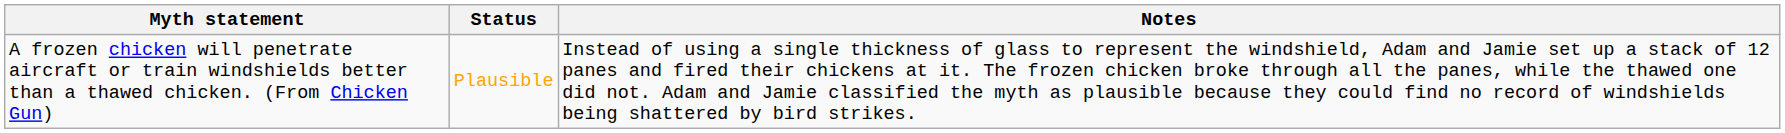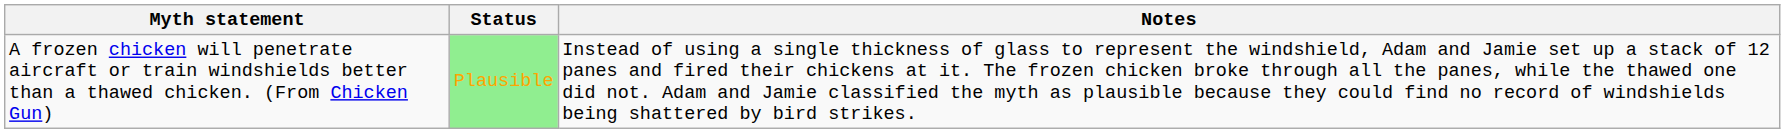 <table class="wikitable plainrowheaders">
 <tr>
 <th>Myth statement</th>
 <th>Status</th>
 <th>Notes</th>
 </tr>
 <tr>
 <td>A frozen <a href='#'>chicken</a> will penetrate aircraft or train windshields better than a thawed chicken. (From <a href='#'>Chicken Gun</a>)</td>
-<td style="color:orange">Plausible</td>
+<td style="background: lightgreen; color:orange">Plausible</td>
 <td>Instead of using a single thickness of glass to represent the windshield, Adam and Jamie set up a stack of 12 panes and fired their chickens at it. The frozen chicken broke through all the panes, while the thawed one did not. Adam and Jamie classified the myth as plausible because they could find no record of windshields being shattered by bird strikes.</td>
 </tr>
 </table>
